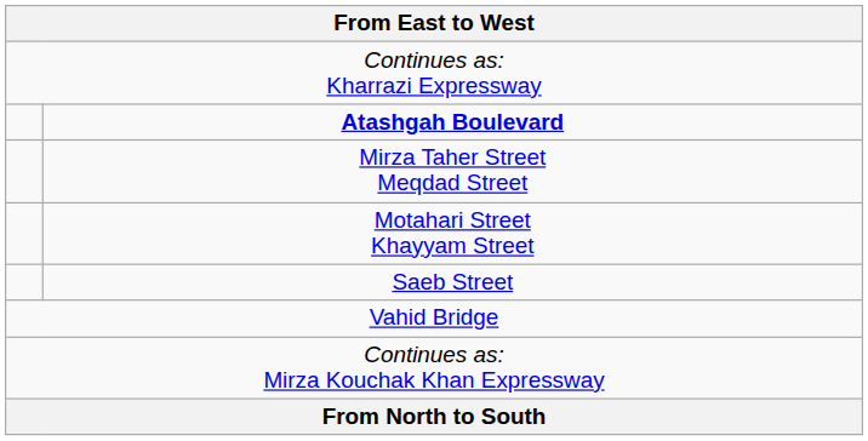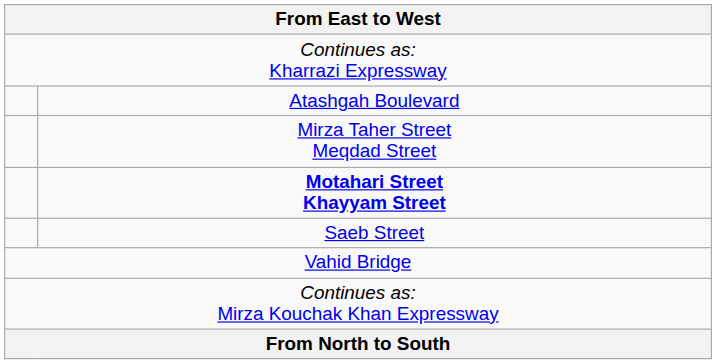 <table class="wikitable" style="text-align:center" width="600px">
 <tr>
 <th text-align="center" colspan="3"> From East to West </th>
 </tr>
 <tr>
 <td colspan="7" align="center"><em>Continues as:</em><br> <a href='#'>Kharrazi Expressway</a></td>
 </tr>
 <tr>
 <td><br></td>
-<td><strong> <a href='#'>Atashgah Boulevard</a></strong></td>
+<td> <a href='#'>Atashgah Boulevard</a></td>
 </tr>
 <tr>
 <td></td>
 <td> <a href='#'>Mirza Taher Street</a><br> <a href='#'>Meqdad Street</a></td>
 </tr>
 <tr>
 <td></td>
-<td> <a href='#'>Motahari Street</a><br> <a href='#'>Khayyam Street</a></td>
+<td><strong> <a href='#'>Motahari Street</a><br> <a href='#'>Khayyam Street</a></strong></td>
 </tr>
 <tr>
 <td></td>
 <td> <a href='#'>Saeb Street</a></td>
 </tr>
 <tr>
 <td text-align="center" colspan="3"> <a href='#'>Vahid Bridge</a></td>
 </tr>
 <tr>
 <td colspan="7" align="center"><em>Continues as:</em><br> <a href='#'>Mirza Kouchak Khan Expressway</a></td>
 </tr>
 <tr>
 <th text-align="center" colspan="3"> From North to South </th>
 </tr>
 </table>
